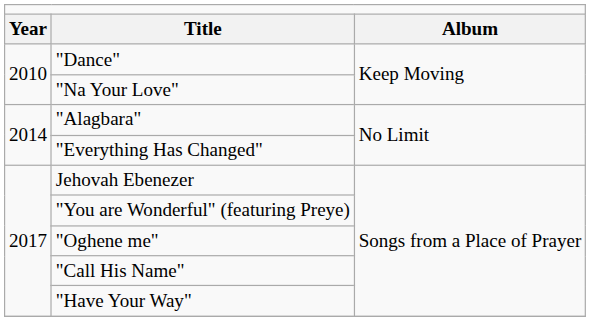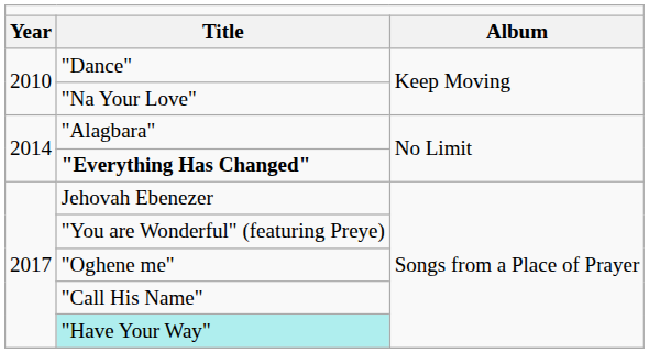 <table class="wikitable sortable">
 <tr>
 <td colspan="3" style="font-size:110%"></td>
 </tr>
 <tr>
 <th>Year</th>
 <th>Title</th>
 <th>Album</th>
 </tr>
 <tr>
 <td rowspan="2">2010</td>
 <td>"Dance"</td>
 <td rowspan="2">Keep Moving</td>
 </tr>
 <tr>
 <td>"Na Your Love"</td>
 </tr>
 <tr>
 <td rowspan="2">2014</td>
 <td>"Alagbara"</td>
 <td rowspan="2">No Limit</td>
 </tr>
 <tr>
-<td>"Everything Has Changed"</td>
+<td><strong>"Everything Has Changed"</strong></td>
 </tr>
 <tr>
 <td rowspan="5">2017</td>
 <td>Jehovah Ebenezer</td>
 <td rowspan="5">Songs from a Place of Prayer</td>
 </tr>
 <tr>
 <td>"You are Wonderful" (featuring Preye)</td>
 </tr>
 <tr>
 <td>"Oghene me"</td>
 </tr>
 <tr>
 <td>"Call His Name"</td>
 </tr>
 <tr>
-<td>"Have Your Way"</td>
+<td style="background: paleturquoise;">"Have Your Way"</td>
 </tr>
 <tr>
 </tr>
 </table>
